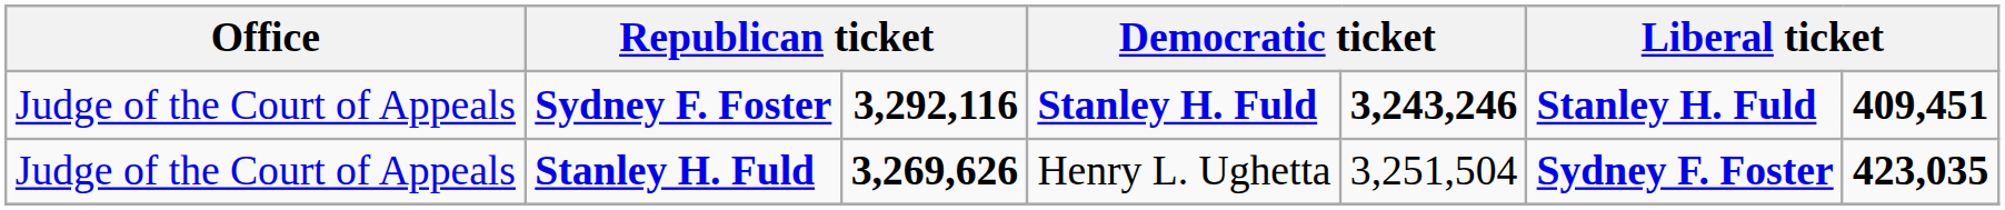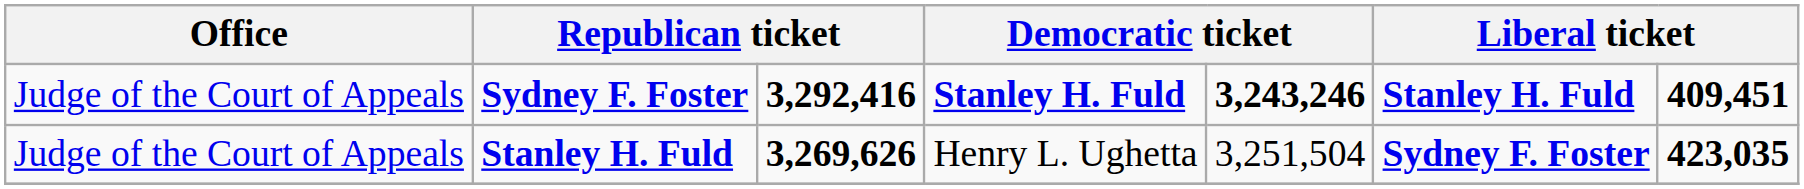 <table class=wikitable>
 <tr bgcolor=lightgrey>
 <th>Office</th>
 <th colspan="2" ><a href='#'>Republican</a> ticket</th>
 <th colspan="2" ><a href='#'>Democratic</a> ticket</th>
 <th colspan="2" ><a href='#'>Liberal</a> ticket</th>
 </tr>
 <tr>
 <td><a href='#'>Judge of the Court of Appeals</a></td>
 <td><strong><a href='#'>Sydney F. Foster</a></strong></td>
-<td align="right"><strong>3,292,116</strong></td>
+<td align="right"><strong>3,292,416</strong></td>
 <td><strong><a href='#'>Stanley H. Fuld</a></strong></td>
 <td align="right"><strong>3,243,246</strong></td>
 <td><strong><a href='#'>Stanley H. Fuld</a></strong></td>
 <td align="right"><strong>409,451</strong></td>
 </tr>
 <tr>
 <td><a href='#'>Judge of the Court of Appeals</a></td>
 <td><strong><a href='#'>Stanley H. Fuld</a></strong></td>
 <td align="right"><strong>3,269,626</strong></td>
 <td>Henry L. Ughetta</td>
 <td align="right">3,251,504</td>
 <td><strong><a href='#'>Sydney F. Foster</a></strong></td>
 <td align="right"><strong>423,035</strong></td>
 </tr>
 <tr>
 </tr>
 </table>
